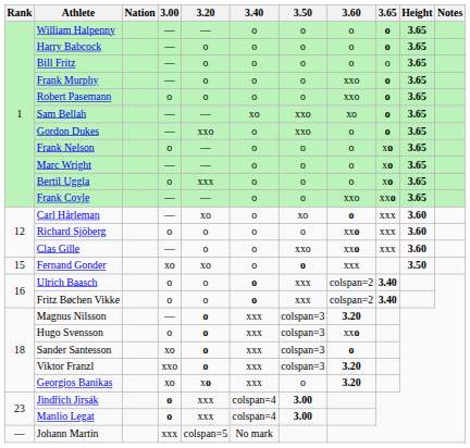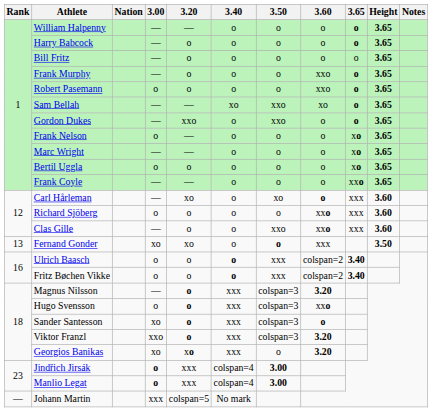 <table class="wikitable sortable" style="text-align:center;">
 <tr>
 <th>Rank</th>
 <th>Athlete</th>
 <th>Nation</th>
 <th>3.00</th>
 <th>3.20</th>
 <th>3.40</th>
 <th>3.50</th>
 <th>3.60</th>
 <th>3.65</th>
 <th>Height</th>
 <th>Notes</th>
 </tr>
 <tr bgcolor=bbf3bb>
 <td rowspan=11>1</td>
 <td align=left><a href='#'>William Halpenny</a></td>
 <td align=left></td>
 <td>—</td>
 <td>—</td>
 <td>o</td>
 <td>o</td>
 <td>o</td>
 <td><strong>o</strong></td>
 <td><strong>3.65</strong></td>
 <td></td>
 </tr>
 <tr bgcolor=bbf3bb>
 <td align=left><a href='#'>Harry Babcock</a></td>
 <td align=left></td>
 <td>—</td>
 <td>o</td>
 <td>o</td>
 <td>o</td>
 <td>o</td>
 <td><strong>o</strong></td>
 <td><strong>3.65</strong></td>
 <td></td>
 </tr>
 <tr bgcolor=bbf3bb>
 <td align=left><a href='#'>Bill Fritz</a></td>
 <td align=left></td>
 <td>—</td>
 <td>o</td>
 <td>o</td>
 <td>o</td>
 <td>o</td>
 <td>o</td>
 <td><strong>3.65</strong></td>
 <td></td>
 </tr>
 <tr bgcolor=bbf3bb>
 <td align=left><a href='#'>Frank Murphy</a></td>
 <td align=left></td>
 <td>—</td>
 <td>o</td>
 <td>o</td>
 <td>o</td>
 <td>xxo</td>
 <td><strong>o</strong></td>
 <td><strong>3.65</strong></td>
 <td></td>
 </tr>
 <tr bgcolor=bbf3bb>
 <td align=left><a href='#'>Robert Pasemann</a></td>
 <td align=left></td>
 <td>o</td>
 <td>o</td>
 <td>o</td>
 <td>o</td>
 <td>xxo</td>
 <td><strong>o</strong></td>
 <td><strong>3.65</strong></td>
 <td></td>
 </tr>
 <tr bgcolor=bbf3bb>
 <td align=left><a href='#'>Sam Bellah</a></td>
 <td align=left></td>
 <td>—</td>
 <td>—</td>
 <td>xo</td>
 <td>xxo</td>
 <td>xo</td>
 <td><strong>o</strong></td>
 <td><strong>3.65</strong></td>
 <td></td>
 </tr>
 <tr bgcolor=bbf3bb>
 <td align=left><a href='#'>Gordon Dukes</a></td>
 <td align=left></td>
 <td>—</td>
 <td>xxo</td>
 <td>o</td>
 <td>xxo</td>
 <td>o</td>
 <td><strong>o</strong></td>
 <td><strong>3.65</strong></td>
 <td></td>
 </tr>
 <tr bgcolor=bbf3bb>
 <td align=left><a href='#'>Frank Nelson</a></td>
 <td align=left></td>
 <td>o</td>
 <td>—</td>
 <td>o</td>
 <td>o</td>
 <td>o</td>
 <td>x<strong>o</strong></td>
 <td><strong>3.65</strong></td>
 <td></td>
 </tr>
 <tr bgcolor=bbf3bb>
 <td align=left><a href='#'>Marc Wright</a></td>
 <td align=left></td>
 <td>—</td>
 <td>—</td>
 <td>o</td>
 <td>o</td>
 <td>o</td>
 <td>x<strong>o</strong></td>
 <td><strong>3.65</strong></td>
 <td></td>
 </tr>
 <tr bgcolor=bbf3bb>
 <td align=left><a href='#'>Bertil Uggla</a></td>
 <td align=left></td>
 <td>o</td>
-<td>xxx</td>
+<td>o</td>
 <td>o</td>
 <td>o</td>
 <td>o</td>
 <td>x<strong>o</strong></td>
 <td><strong>3.65</strong></td>
 <td></td>
 </tr>
 <tr bgcolor=bbf3bb>
 <td align=left><a href='#'>Frank Coyle</a></td>
 <td align=left></td>
 <td>—</td>
 <td>—</td>
 <td>o</td>
 <td>o</td>
-<td>xxo</td>
+<td>o</td>
 <td>xx<strong>o</strong></td>
 <td><strong>3.65</strong></td>
 <td></td>
 </tr>
 <tr>
 <td rowspan=3>12</td>
 <td align=left><a href='#'>Carl Hårleman</a></td>
 <td align=left></td>
 <td>—</td>
 <td>xo</td>
 <td>o</td>
 <td>xo</td>
 <td><strong>o</strong></td>
 <td>xxx</td>
 <td><strong>3.60</strong></td>
 <td></td>
 </tr>
 <tr>
 <td align=left><a href='#'>Richard Sjöberg</a></td>
 <td align=left></td>
 <td>o</td>
 <td>o</td>
 <td>o</td>
 <td>o</td>
 <td>xx<strong>o</strong></td>
 <td>xxx</td>
 <td><strong>3.60</strong></td>
 <td></td>
 </tr>
 <tr>
 <td align=left><a href='#'>Clas Gille</a></td>
 <td align=left></td>
 <td>—</td>
 <td>o</td>
 <td>o</td>
 <td>xxo</td>
 <td>xx<strong>o</strong></td>
 <td>xxx</td>
 <td><strong>3.60</strong></td>
 <td></td>
 </tr>
 <tr>
-<td>15</td>
+<td>13</td>
 <td align=left><a href='#'>Fernand Gonder</a></td>
 <td align=left></td>
 <td>xo</td>
 <td>xo</td>
 <td>o</td>
 <td><strong>o</strong></td>
 <td>xxx</td>
 <td></td>
 <td><strong>3.50</strong></td>
 <td></td>
 </tr>
 <tr>
 <td rowspan=2>16</td>
 <td align=left><a href='#'>Ulrich Baasch</a></td>
 <td align=left></td>
 <td>o</td>
 <td>o</td>
 <td><strong>o</strong></td>
 <td>xxx</td>
 <td>colspan=2 </td>
 <td><strong>3.40</strong></td>
 <td></td>
 </tr>
 <tr>
 <td align=left>Fritz Bøchen Vikke</td>
 <td align=left></td>
 <td>o</td>
 <td>o</td>
 <td><strong>o</strong></td>
 <td>xxx</td>
 <td>colspan=2 </td>
 <td><strong>3.40</strong></td>
 <td></td>
 </tr>
 <tr>
 <td rowspan=5>18</td>
 <td align=left>Magnus Nilsson</td>
 <td align=left></td>
 <td>—</td>
 <td><strong>o</strong></td>
 <td>xxx</td>
 <td>colspan=3 </td>
 <td><strong>3.20</strong></td>
 <td></td>
 </tr>
 <tr>
 <td align=left>Hugo Svensson</td>
 <td align=left></td>
 <td>o</td>
 <td><strong>o</strong></td>
 <td>xxx</td>
 <td>colspan=3 </td>
 <td>xx<strong>o</strong></td>
 <td></td>
 </tr>
 <tr>
 <td align=left>Sander Santesson</td>
 <td align=left></td>
 <td>xo</td>
 <td><strong>o</strong></td>
 <td>xxx</td>
 <td>colspan=3 </td>
 <td><strong>o</strong></td>
 <td></td>
 </tr>
 <tr>
 <td align=left>Viktor Franzl</td>
 <td align=left></td>
 <td>xxo</td>
 <td><strong>o</strong></td>
 <td>xxx</td>
 <td>colspan=3 </td>
 <td><strong>3.20</strong></td>
 <td></td>
 </tr>
 <tr>
 <td align=left><a href='#'>Georgios Banikas</a></td>
 <td align=left></td>
 <td>xo</td>
 <td>x<strong>o</strong></td>
 <td>xxx</td>
 <td>o</td>
 <td><strong>3.20</strong></td>
 <td></td>
 </tr>
 <tr>
 <td rowspan=2>23</td>
 <td align=left><a href='#'>Jindřich Jirsák</a></td>
 <td align=left></td>
 <td><strong>o</strong></td>
 <td>xxx</td>
 <td>colspan=4 </td>
 <td><strong>3.00</strong></td>
 <td></td>
 </tr>
 <tr>
 <td align=left><a href='#'>Manlio Legat</a></td>
 <td align=left></td>
 <td><strong>o</strong></td>
 <td>xxx</td>
 <td>colspan=4 </td>
 <td><strong>3.00</strong></td>
 <td></td>
 </tr>
 <tr>
 <td data-sort-value=25>—</td>
 <td align=left>Johann Martin</td>
 <td align=left></td>
 <td>xxx</td>
 <td>colspan=5 </td>
 <td data-sort-value=1.00>No mark</td>
 <td></td>
 </tr>
 </table>
